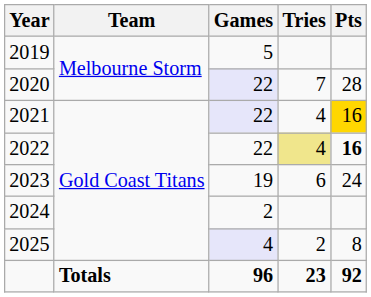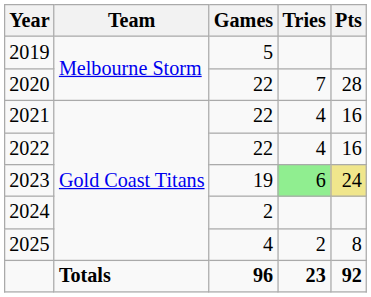 <table class="wikitable">
 <tr>
 <th>Year</th>
 <th>Team</th>
 <th>Games</th>
 <th>Tries</th>
 <th>Pts</th>
 </tr>
 <tr>
 <td align=center>2019</td>
 <td rowspan="2"> <a href='#'>Melbourne Storm</a></td>
 <td align=right>5</td>
 <td align=right></td>
 <td align=right></td>
 </tr>
 <tr>
 <td align=center>2020</td>
-<td align=right style="background: lavender;">22</td>
+<td align=right>22</td>
 <td align=right>7</td>
 <td align=right>28</td>
 </tr>
 <tr>
 <td align=center>2021</td>
 <td rowspan=5> <a href='#'>Gold Coast Titans</a></td>
-<td align=right style="background: lavender;">22</td>
+<td align=right>22</td>
 <td align=right>4</td>
-<td align=right style="background: gold;">16</td>
+<td align=right>16</td>
 </tr>
 <tr>
 <td align=center>2022</td>
 <td align=right>22</td>
-<td align=right style="background: khaki;">4</td>
-<td align=right><strong>16</strong></td>
+<td align=right>4</td>
+<td align=right>16</td>
 </tr>
 <tr>
 <td align=center>2023</td>
 <td align=right>19</td>
-<td align=right>6</td>
-<td align=right>24</td>
+<td align=right style="background: lightgreen;">6</td>
+<td align=right style="background: khaki;">24</td>
 </tr>
 <tr>
 <td align=center>2024</td>
 <td align=right>2</td>
 <td align=right></td>
 <td align=right></td>
 </tr>
 <tr>
 <td align=center>2025</td>
-<td align=right style="background: lavender;">4</td>
+<td align=right>4</td>
 <td align=right>2</td>
 <td align=right>8</td>
 </tr>
 <tr>
 <td></td>
 <td align=left><strong>Totals</strong></td>
 <td align=right><strong>96</strong></td>
 <td align=right><strong>23</strong></td>
 <td align=right><strong>92</strong></td>
 </tr>
 </table>
